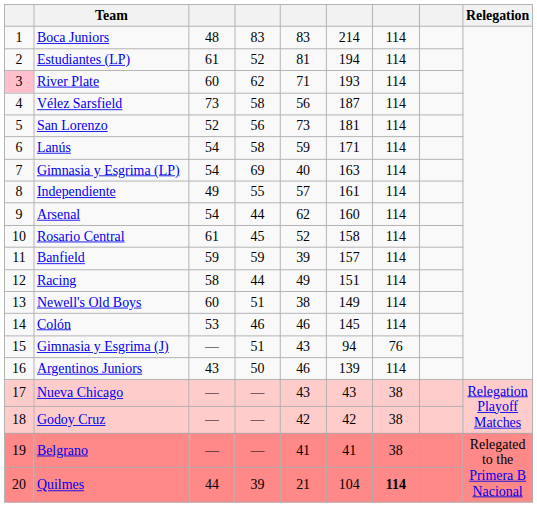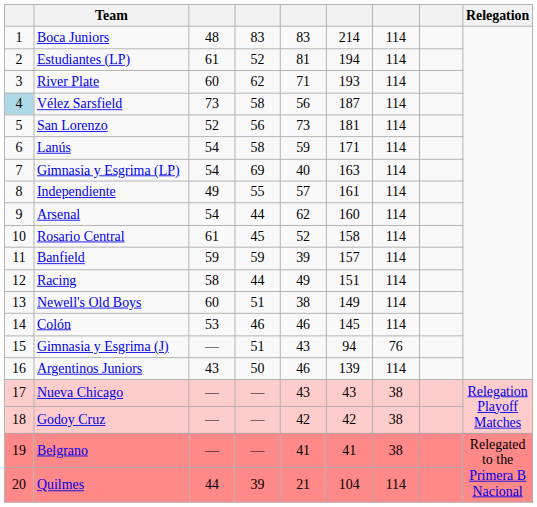 <table class="wikitable" style="text-align: center;">
 <tr>
 <th width=28><br></th>
 <th width=185>Team</th>
 <th width=50></th>
 <th width=50></th>
 <th width=50></th>
 <th width=50></th>
 <th width=50></th>
 <th width=50><br></th>
 <th>Relegation</th>
 </tr>
 <tr>
 <td>1</td>
 <td align="left"><a href='#'>Boca Juniors</a></td>
 <td>48</td>
 <td>83</td>
 <td>83</td>
 <td>214</td>
 <td>114</td>
 <td><strong></strong></td>
 </tr>
 <tr>
 <td>2</td>
 <td align="left"><a href='#'>Estudiantes (LP)</a></td>
 <td>61</td>
 <td>52</td>
 <td>81</td>
 <td>194</td>
 <td>114</td>
 <td><strong></strong></td>
 </tr>
 <tr>
-<td style="background: pink;">3</td>
+<td>3</td>
 <td align="left"><a href='#'>River Plate</a></td>
 <td>60</td>
 <td>62</td>
 <td>71</td>
 <td>193</td>
 <td>114</td>
 <td><strong></strong></td>
 </tr>
 <tr>
-<td>4</td>
+<td style="background: lightblue;">4</td>
 <td align="left"><a href='#'>Vélez Sarsfield</a></td>
 <td>73</td>
 <td>58</td>
 <td>56</td>
 <td>187</td>
 <td>114</td>
 <td><strong></strong></td>
 </tr>
 <tr>
 <td>5</td>
 <td align="left"><a href='#'>San Lorenzo</a></td>
 <td>52</td>
 <td>56</td>
 <td>73</td>
 <td>181</td>
 <td>114</td>
 <td><strong></strong></td>
 </tr>
 <tr>
 <td>6</td>
 <td align="left"><a href='#'>Lanús</a></td>
 <td>54</td>
 <td>58</td>
 <td>59</td>
 <td>171</td>
 <td>114</td>
 <td><strong></strong></td>
 </tr>
 <tr>
 <td>7</td>
 <td align="left"><a href='#'>Gimnasia y Esgrima (LP)</a></td>
 <td>54</td>
 <td>69</td>
 <td>40</td>
 <td>163</td>
 <td>114</td>
 <td><strong></strong></td>
 </tr>
 <tr>
 <td>8</td>
 <td align="left"><a href='#'>Independiente</a></td>
 <td>49</td>
 <td>55</td>
 <td>57</td>
 <td>161</td>
 <td>114</td>
 <td><strong></strong></td>
 </tr>
 <tr>
 <td>9</td>
 <td align="left"><a href='#'>Arsenal</a></td>
 <td>54</td>
 <td>44</td>
 <td>62</td>
 <td>160</td>
 <td>114</td>
 <td><strong></strong></td>
 </tr>
 <tr>
 <td>10</td>
 <td align="left"><a href='#'>Rosario Central</a></td>
 <td>61</td>
 <td>45</td>
 <td>52</td>
 <td>158</td>
 <td>114</td>
 <td><strong></strong></td>
 </tr>
 <tr>
 <td>11</td>
 <td align="left"><a href='#'>Banfield</a></td>
 <td>59</td>
 <td>59</td>
 <td>39</td>
 <td>157</td>
 <td>114</td>
 <td><strong></strong></td>
 </tr>
 <tr>
 <td>12</td>
 <td align="left"><a href='#'>Racing</a></td>
 <td>58</td>
 <td>44</td>
 <td>49</td>
 <td>151</td>
 <td>114</td>
 <td><strong></strong></td>
 </tr>
 <tr>
 <td>13</td>
 <td align="left"><a href='#'>Newell's Old Boys</a></td>
 <td>60</td>
 <td>51</td>
 <td>38</td>
 <td>149</td>
 <td>114</td>
 <td><strong></strong></td>
 </tr>
 <tr>
 <td>14</td>
 <td align="left"><a href='#'>Colón</a></td>
 <td>53</td>
 <td>46</td>
 <td>46</td>
 <td>145</td>
 <td>114</td>
 <td><strong></strong></td>
 </tr>
 <tr>
 <td>15</td>
 <td align="left"><a href='#'>Gimnasia y Esgrima (J)</a></td>
 <td>—</td>
 <td>51</td>
 <td>43</td>
 <td>94</td>
 <td>76</td>
 <td><strong></strong></td>
 </tr>
 <tr>
 <td>16</td>
 <td align="left"><a href='#'>Argentinos Juniors</a></td>
 <td>43</td>
 <td>50</td>
 <td>46</td>
 <td>139</td>
 <td>114</td>
 <td><strong></strong></td>
 </tr>
 <tr bgcolor=#FFCCCC>
 <td>17</td>
 <td align="left"><a href='#'>Nueva Chicago</a></td>
 <td>—</td>
 <td>—</td>
 <td>43</td>
 <td>43</td>
 <td>38</td>
 <td><strong></strong></td>
 <td rowspan=2><a href='#'>Relegation Playoff Matches</a></td>
 </tr>
 <tr bgcolor=#FFCCCC>
 <td>18</td>
 <td align="left"><a href='#'>Godoy Cruz</a></td>
 <td>—</td>
 <td>—</td>
 <td>42</td>
 <td>42</td>
 <td>38</td>
 <td><strong></strong></td>
 </tr>
 <tr bgcolor=#FF8888>
 <td>19</td>
 <td align="left"><a href='#'>Belgrano</a></td>
 <td>—</td>
 <td>—</td>
 <td>41</td>
 <td>41</td>
 <td>38</td>
 <td><strong></strong></td>
 <td rowspan=2>Relegated to the <a href='#'>Primera B Nacional</a></td>
 </tr>
 <tr bgcolor=#FF8888>
 <td>20</td>
 <td align="left"><a href='#'>Quilmes</a></td>
 <td>44</td>
 <td>39</td>
 <td>21</td>
 <td>104</td>
-<td><strong>114</strong></td>
+<td>114</td>
 <td><strong></strong></td>
 </tr>
 </table>
